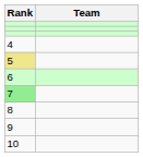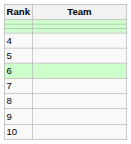 <table class="wikitable">
 <tr>
 <th width=30>Rank</th>
 <th width=150>Team</th>
 </tr>
 <tr bgcolor=#ccffcc>
 <td></td>
 <td></td>
 </tr>
 <tr bgcolor=#ccffcc>
 <td></td>
 <td></td>
 </tr>
 <tr bgcolor=#ccffcc>
 <td></td>
 <td></td>
 </tr>
 <tr>
 <td>4</td>
 <td></td>
 </tr>
 <tr>
-<td style="background: khaki;">5</td>
+<td>5</td>
 <td></td>
 </tr>
 <tr bgcolor=#ccffcc>
 <td>6</td>
 <td></td>
 </tr>
 <tr>
-<td style="background: lightgreen;">7</td>
+<td>7</td>
 <td></td>
 </tr>
 <tr>
 <td>8</td>
 <td></td>
 </tr>
 <tr>
 <td>9</td>
 <td></td>
 </tr>
 <tr>
 <td>10</td>
 <td></td>
 </tr>
 </table>
